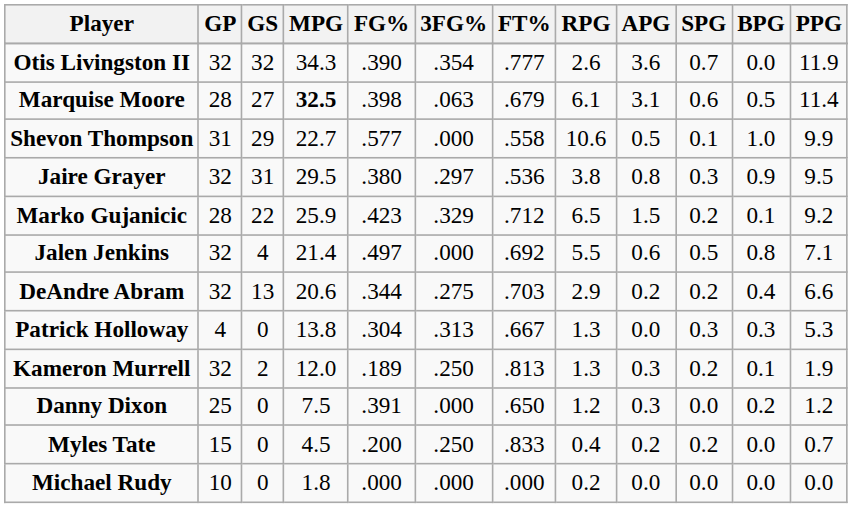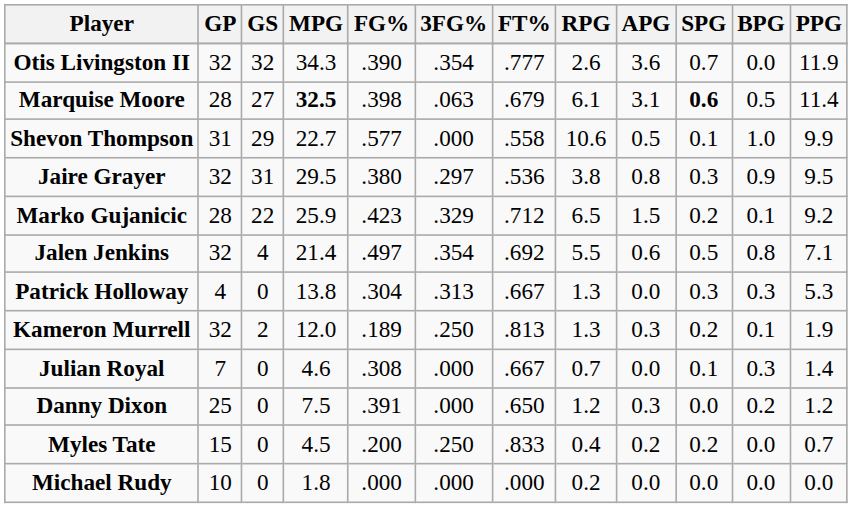 <table class="wikitable sortable" style="font-size: 90%">
 <tr>
 <th style="background:#">Player</th>
 <th style="background:#">GP</th>
 <th style="background:#">GS</th>
 <th style="background:#">MPG</th>
 <th style="background:#">FG%</th>
 <th style="background:#">3FG%</th>
 <th style="background:#">FT%</th>
 <th style="background:#">RPG</th>
 <th style="background:#">APG</th>
 <th style="background:#">SPG</th>
 <th style="background:#">BPG</th>
 <th style="background:#">PPG</th>
 </tr>
 <tr align="center" bgcolor="">
 </tr>
 <tr align="center" bgcolor="">
 <td><strong>Otis Livingston II</strong></td>
 <td>32</td>
 <td>32</td>
 <td>34.3</td>
 <td>.390</td>
 <td>.354</td>
 <td>.777</td>
 <td>2.6</td>
 <td>3.6</td>
 <td>0.7</td>
 <td>0.0</td>
 <td>11.9</td>
 </tr>
 <tr align="center" bgcolor="">
 <td><strong>Marquise Moore</strong></td>
 <td>28</td>
 <td>27</td>
 <td><strong>32.5</strong></td>
 <td>.398</td>
 <td>.063</td>
 <td>.679</td>
 <td>6.1</td>
 <td>3.1</td>
-<td>0.6</td>
+<td><strong>0.6</strong></td>
 <td>0.5</td>
 <td>11.4</td>
 </tr>
 <tr align="center">
 <td><strong>Shevon Thompson</strong></td>
 <td>31</td>
 <td>29</td>
 <td>22.7</td>
 <td>.577</td>
 <td>.000</td>
 <td>.558</td>
 <td>10.6</td>
 <td>0.5</td>
 <td>0.1</td>
 <td>1.0</td>
 <td>9.9</td>
 </tr>
 <tr align="center" bgcolor="">
 <td><strong>Jaire Grayer</strong></td>
 <td>32</td>
 <td>31</td>
 <td>29.5</td>
 <td>.380</td>
 <td>.297</td>
 <td>.536</td>
 <td>3.8</td>
 <td>0.8</td>
 <td>0.3</td>
 <td>0.9</td>
 <td>9.5</td>
 </tr>
 <tr align="center" bgcolor="">
 <td><strong>Marko Gujanicic</strong></td>
 <td>28</td>
 <td>22</td>
 <td>25.9</td>
 <td>.423</td>
 <td>.329</td>
 <td>.712</td>
 <td>6.5</td>
 <td>1.5</td>
 <td>0.2</td>
 <td>0.1</td>
 <td>9.2</td>
 </tr>
 <tr align="center" bgcolor="">
 <td><strong>Jalen Jenkins</strong></td>
 <td>32</td>
 <td>4</td>
 <td>21.4</td>
 <td>.497</td>
-<td>.000</td>
+<td>.354</td>
 <td>.692</td>
 <td>5.5</td>
 <td>0.6</td>
 <td>0.5</td>
 <td>0.8</td>
 <td>7.1</td>
-</tr>
-<tr align="center" bgcolor="">
-<td><strong>DeAndre Abram</strong></td>
-<td>32</td>
-<td>13</td>
-<td>20.6</td>
-<td>.344</td>
-<td>.275</td>
-<td>.703</td>
-<td>2.9</td>
-<td>0.2</td>
-<td>0.2</td>
-<td>0.4</td>
-<td>6.6</td>
 </tr>
 <tr align="center" bgcolor="">
 <td><strong>Patrick Holloway</strong></td>
 <td>4</td>
 <td>0</td>
 <td>13.8</td>
 <td>.304</td>
 <td>.313</td>
 <td>.667</td>
 <td>1.3</td>
 <td>0.0</td>
 <td>0.3</td>
 <td>0.3</td>
 <td>5.3</td>
 </tr>
 <tr align="center" bgcolor="">
 <td><strong>Kameron Murrell</strong></td>
 <td>32</td>
 <td>2</td>
 <td>12.0</td>
 <td>.189</td>
 <td>.250</td>
 <td>.813</td>
 <td>1.3</td>
 <td>0.3</td>
 <td>0.2</td>
 <td>0.1</td>
 <td>1.9</td>
+</tr>
+<tr align="center" bgcolor="">
+<td><strong>Julian Royal</strong></td>
+<td>7</td>
+<td>0</td>
+<td>4.6</td>
+<td>.308</td>
+<td>.000</td>
+<td>.667</td>
+<td>0.7</td>
+<td>0.0</td>
+<td>0.1</td>
+<td>0.3</td>
+<td>1.4</td>
 </tr>
 <tr align="center" bgcolor="">
 <td><strong>Danny Dixon</strong></td>
 <td>25</td>
 <td>0</td>
 <td>7.5</td>
 <td>.391</td>
 <td>.000</td>
 <td>.650</td>
 <td>1.2</td>
 <td>0.3</td>
 <td>0.0</td>
 <td>0.2</td>
 <td>1.2</td>
 </tr>
 <tr align="center" bgcolor="">
 <td><strong>Myles Tate</strong></td>
 <td>15</td>
 <td>0</td>
 <td>4.5</td>
 <td>.200</td>
 <td>.250</td>
 <td>.833</td>
 <td>0.4</td>
 <td>0.2</td>
 <td>0.2</td>
 <td>0.0</td>
 <td>0.7</td>
 </tr>
 <tr align="center" bgcolor="">
 <td><strong>Michael Rudy</strong></td>
 <td>10</td>
 <td>0</td>
 <td>1.8</td>
 <td>.000</td>
 <td>.000</td>
 <td>.000</td>
 <td>0.2</td>
 <td>0.0</td>
 <td>0.0</td>
 <td>0.0</td>
 <td>0.0</td>
 </tr>
 </table>
